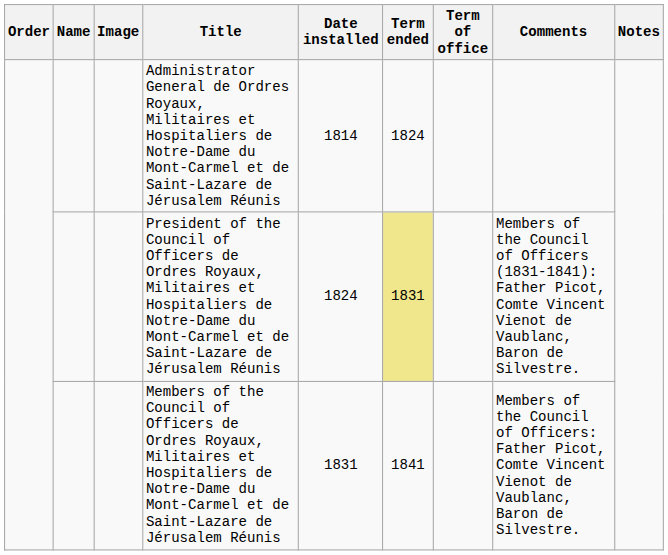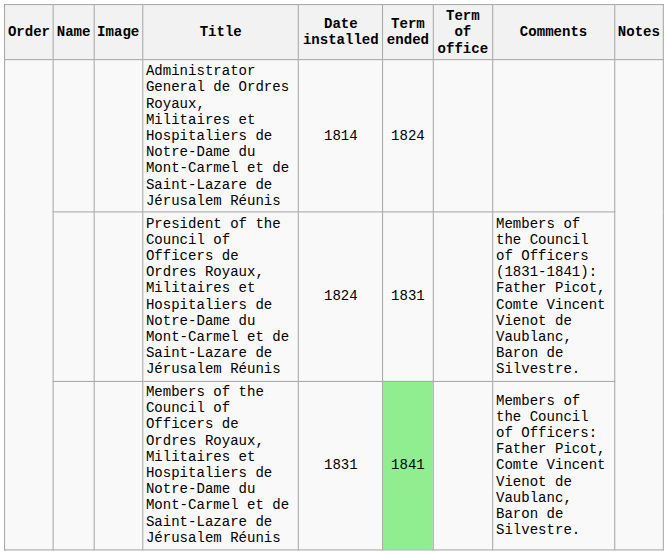 <table class="wikitable">
 <tr>
 <th>Order</th>
 <th>Name</th>
 <th>Image</th>
 <th>Title</th>
 <th>Date installed</th>
 <th>Term ended</th>
 <th>Term of office</th>
 <th>Comments</th>
 <th>Notes</th>
 </tr>
 <tr>
 <td rowspan="3" style="text-align:center;"></td>
 <td></td>
 <td></td>
 <td>Administrator General de Ordres Royaux, Militaires et Hospitaliers de Notre-Dame du Mont-Carmel et de Saint-Lazare de Jérusalem Réunis</td>
 <td style="text-align:center;">1814</td>
 <td style="text-align:center;">1824</td>
 <td align="right"></td>
 <td></td>
 </tr>
 <tr>
 <td></td>
 <td></td>
 <td>President of the Council of Officers de Ordres Royaux, Militaires et Hospitaliers de Notre-Dame du Mont-Carmel et de Saint-Lazare de Jérusalem Réunis</td>
 <td style="text-align:center;">1824</td>
-<td style="background: khaki; text-align:center;">1831</td>
+<td style="text-align:center;">1831</td>
 <td align="right"></td>
 <td>Members of the Council of Officers (1831-1841): Father Picot, Comte Vincent Vienot de Vaublanc, Baron de Silvestre.</td>
 </tr>
 <tr>
 <td></td>
 <td></td>
 <td>Members of the Council of Officers de Ordres Royaux, Militaires et Hospitaliers de Notre-Dame du Mont-Carmel et de Saint-Lazare de Jérusalem Réunis</td>
 <td style="text-align:center;">1831</td>
-<td style="text-align:center;">1841</td>
+<td style="background: lightgreen; text-align:center;">1841</td>
 <td align="right"></td>
 <td>Members of the Council of Officers: Father Picot, Comte Vincent Vienot de Vaublanc, Baron de Silvestre.</td>
 </tr>
 </table>
